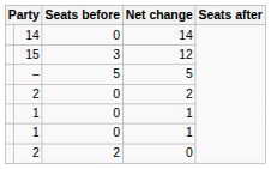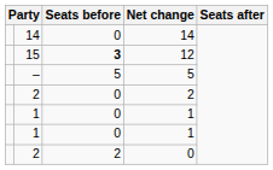 <table class=wikitable style="text-align:right">
 <tr>
 <th colspan="2">Party</th>
 <th>Seats before</th>
 <th>Net change</th>
 <th>Seats after</th>
 </tr>
 <tr>
 <td></td>
 <td>14</td>
 <td> 0</td>
 <td>14</td>
 </tr>
 <tr>
 <td></td>
 <td>15</td>
-<td> 3</td>
+<td><strong> 3</strong></td>
 <td>12</td>
 </tr>
 <tr>
 <td></td>
 <td>–</td>
 <td> 5</td>
 <td>5</td>
 </tr>
 <tr>
 <td></td>
 <td>2</td>
 <td> 0</td>
 <td>2</td>
 </tr>
 <tr>
 <td></td>
 <td>1</td>
 <td> 0</td>
 <td>1</td>
 </tr>
 <tr>
 <td></td>
 <td>1</td>
 <td> 0</td>
 <td>1</td>
 </tr>
 <tr>
 <td></td>
 <td>2</td>
 <td> 2</td>
 <td>0</td>
 </tr>
 </table>
